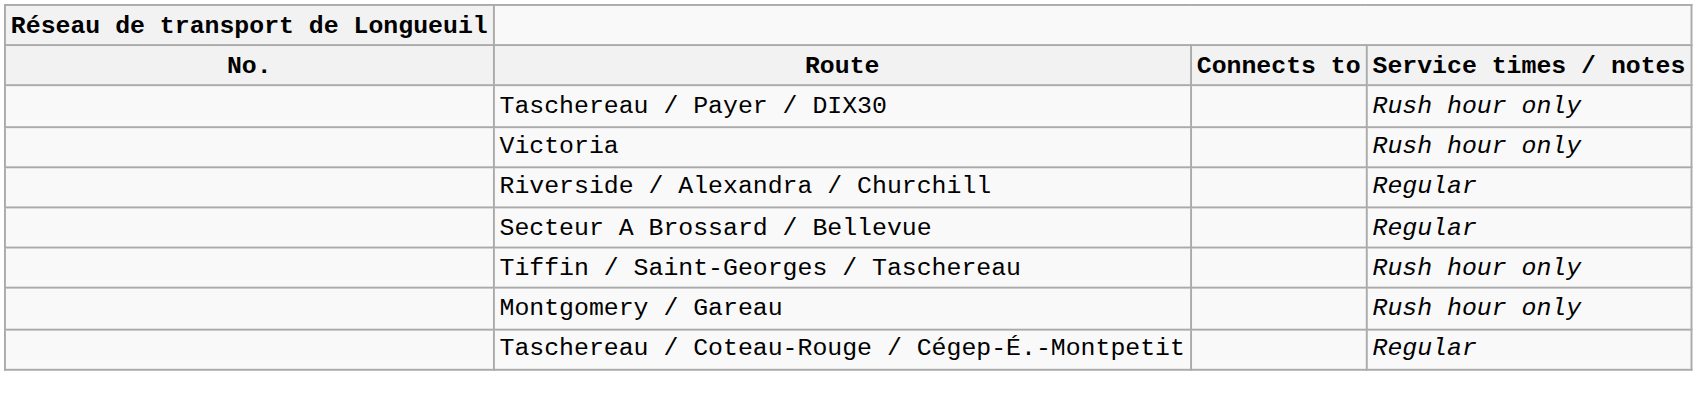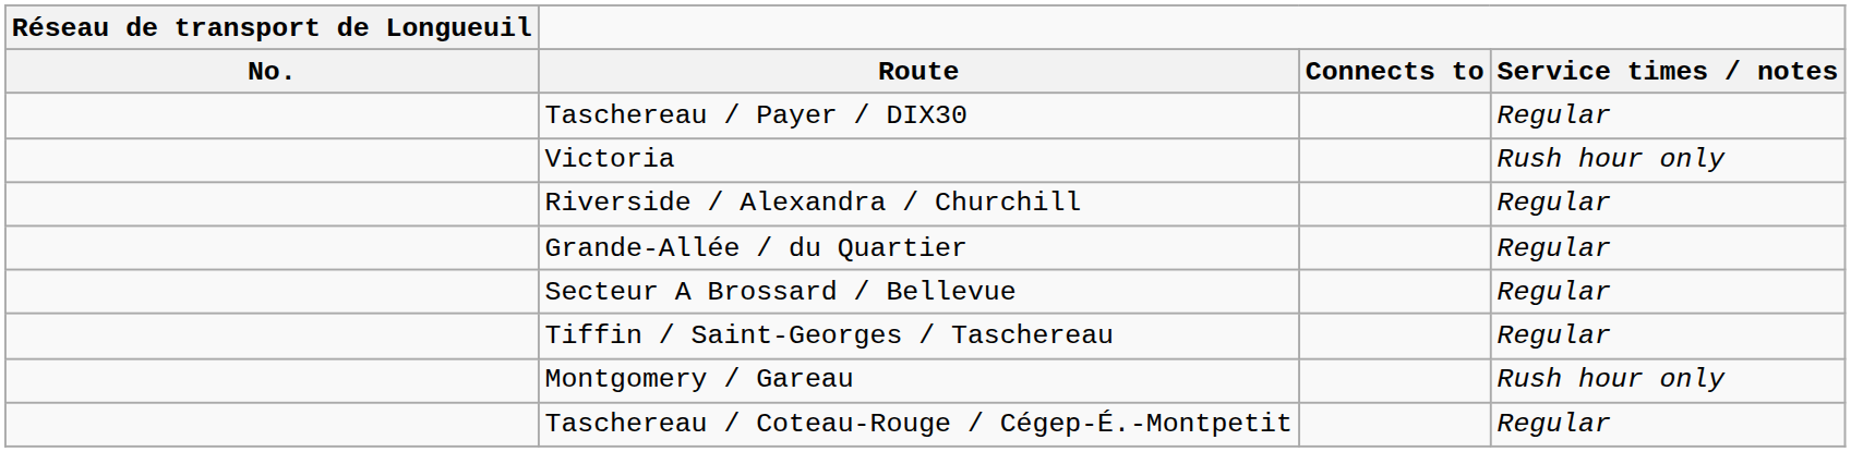 <table class="wikitable">
 <tr>
 <th style="background: #">Réseau de transport de Longueuil</th>
 </tr>
 <tr>
 <th>No.</th>
 <th>Route</th>
 <th>Connects to</th>
 <th>Service times / notes</th>
 </tr>
 <tr>
 <td> </td>
 <td>Taschereau / Payer / DIX30</td>
 <td> <br> </td>
-<td><em>Rush hour only</em></td>
+<td><em>Regular</em></td>
 </tr>
 <tr>
 <td> </td>
 <td>Victoria</td>
 <td> <br> </td>
 <td><em>Rush hour only</em></td>
 </tr>
 <tr>
 <td> </td>
 <td>Riverside / Alexandra / Churchill</td>
 <td> <br> </td>
 <td><em>Regular</em></td>
 </tr>
 <tr>
 <td> </td>
+<td>Grande-Allée / du Quartier</td>
+<td> <br> </td>
+<td><em>Regular</em></td>
+</tr>
+<tr>
+<td> </td>
 <td>Secteur A Brossard / Bellevue</td>
 <td> </td>
 <td><em>Regular</em></td>
 </tr>
 <tr>
 <td> </td>
 <td>Tiffin / Saint-Georges / Taschereau</td>
 <td> <br> </td>
-<td><em>Rush hour only</em></td>
+<td><em>Regular</em></td>
 </tr>
 <tr>
 <td> </td>
 <td>Montgomery / Gareau</td>
 <td> </td>
 <td><em>Rush hour only</em></td>
 </tr>
 <tr>
 <td> </td>
 <td>Taschereau / Coteau-Rouge / Cégep-É.-Montpetit</td>
 <td> </td>
 <td><em>Regular</em></td>
 </tr>
 </table>
